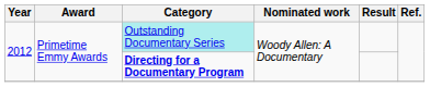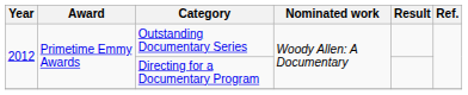 <table class="wikitable">
 <tr>
 <th>Year</th>
 <th>Award</th>
 <th>Category</th>
 <th>Nominated work</th>
 <th>Result</th>
 <th>Ref.</th>
 </tr>
 <tr>
 <td rowspan=2><a href='#'>2012</a></td>
 <td rowspan=2><a href='#'>Primetime Emmy Awards</a></td>
-<td style="background: paleturquoise;"><a href='#'>Outstanding Documentary Series</a></td>
+<td><a href='#'>Outstanding Documentary Series</a></td>
 <td rowspan=2><em>Woody Allen: A Documentary</em></td>
 <td></td>
 <td rowspan=2></td>
 </tr>
 <tr>
-<td><strong><a href='#'>Directing for a Documentary Program</a></strong></td>
+<td><a href='#'>Directing for a Documentary Program</a></td>
 <td></td>
 </tr>
 <tr>
 </tr>
 </table>
